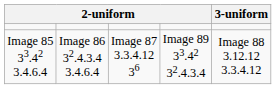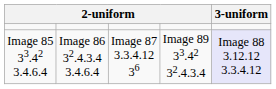 <table class=wikitable>
 <tr>
 <th colspan=4>2-uniform</th>
 <th>3-uniform</th>
 </tr>
 <tr>
 <td></td>
 <td></td>
 <td></td>
 <td></td>
 <td></td>
 </tr>
 <tr align=center>
 <td>Image 85<br>3<sup>3</sup>.4<sup>2</sup><br>3.4.6.4</td>
 <td>Image 86<br>3<sup>2</sup>.4.3.4<br>3.4.6.4</td>
 <td>Image 87<br>3.3.4.12<br>3<sup>6</sup></td>
 <td>Image 89<br>3<sup>3</sup>.4<sup>2</sup><br>3<sup>2</sup>.4.3.4</td>
-<td>Image 88<br>3.12.12<br>3.3.4.12</td>
+<td style="background: lavender;">Image 88<br>3.12.12<br>3.3.4.12</td>
 </tr>
 </table>
